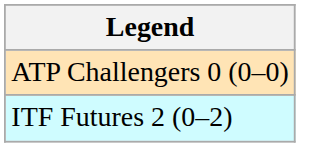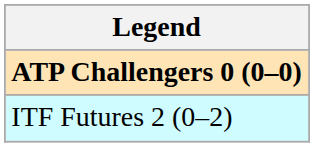 <table class=wikitable style=font-size:97%>
 <tr>
 <th>Legend</th>
 </tr>
 <tr style="background:moccasin;">
-<td>ATP Challengers 0 (0–0)</td>
+<td><strong>ATP Challengers 0 (0–0)</strong></td>
 </tr>
 <tr style="background:#cffcff;">
 <td>ITF Futures 2 (0–2)</td>
 </tr>
 </table>
